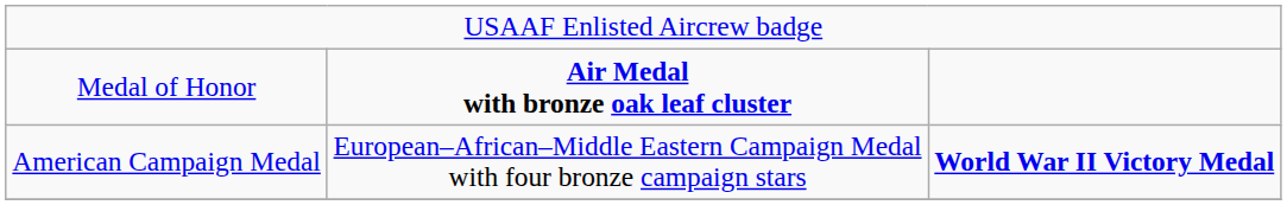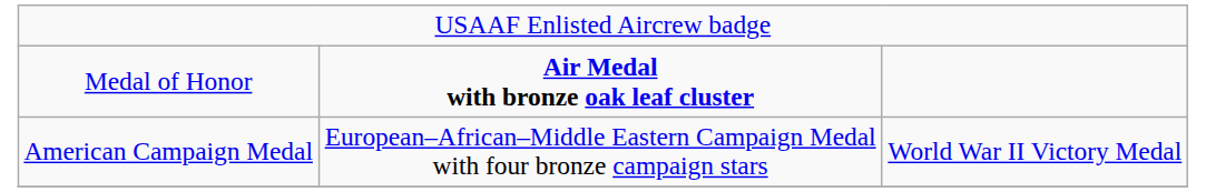 <table class="wikitable" style="margin:1em auto; text-align:center;">
 <tr>
 <td colspan="4"><a href='#'>USAAF Enlisted Aircrew badge</a></td>
 </tr>
 <tr>
 <td><a href='#'>Medal of Honor</a></td>
 <td><strong><a href='#'>Air Medal</a><br>with bronze <a href='#'>oak leaf cluster</a></strong></td>
 </tr>
 <tr>
 <td><a href='#'>American Campaign Medal</a></td>
 <td><a href='#'>European–African–Middle Eastern Campaign Medal</a><br>with four bronze <a href='#'>campaign stars</a></td>
-<td><strong><a href='#'>World War II Victory Medal</a></strong></td>
+<td><a href='#'>World War II Victory Medal</a></td>
 </tr>
 <tr>
 </tr>
 </table>
